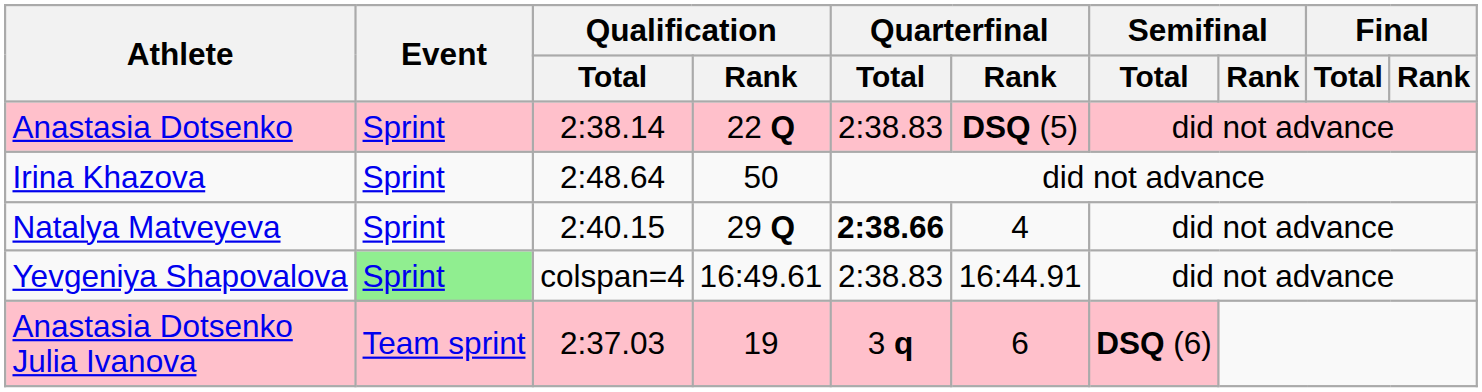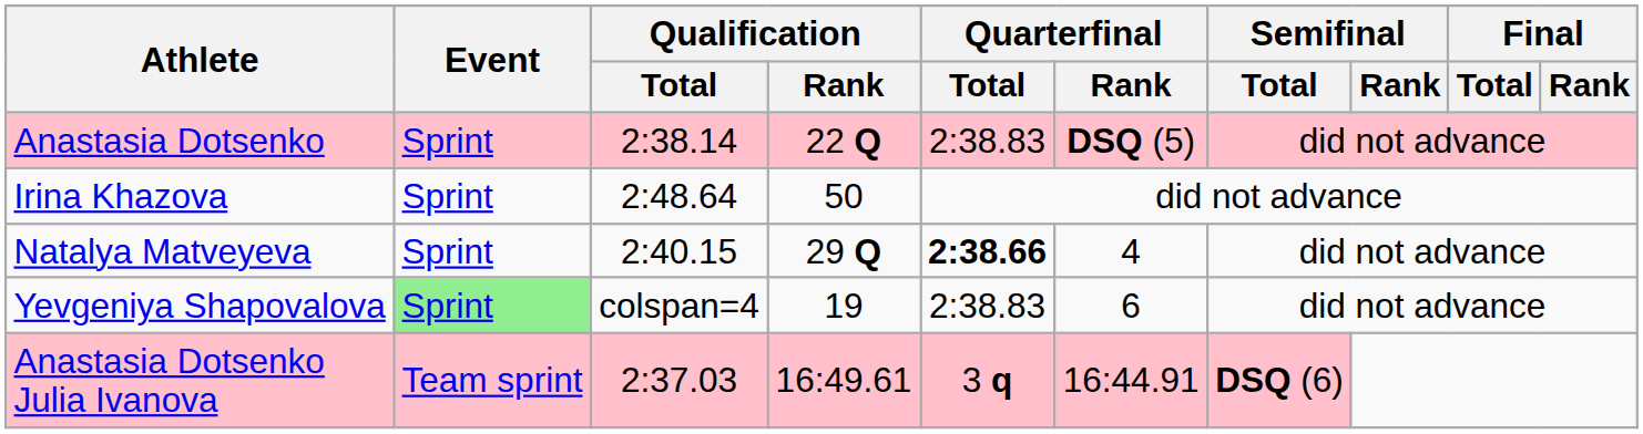 <table class="wikitable"  style="font-size:90%">
 <tr>
 <th rowspan="2">Athlete</th>
 <th rowspan="2">Event</th>
 <th colspan="2">Qualification</th>
 <th colspan="2">Quarterfinal</th>
 <th colspan="2">Semifinal</th>
 <th colspan="2">Final</th>
 </tr>
 <tr style="font-size: 95%">
 <th>Total</th>
 <th>Rank</th>
 <th>Total</th>
 <th>Rank</th>
 <th>Total</th>
 <th>Rank</th>
 <th>Total</th>
 <th>Rank</th>
 </tr>
 <tr align=center bgcolor=pink>
 <td align=left><a href='#'>Anastasia Dotsenko</a></td>
 <td align=left><a href='#'>Sprint</a></td>
 <td>2:38.14</td>
 <td>22 <strong>Q</strong></td>
 <td>2:38.83</td>
 <td><strong>DSQ</strong> (5)</td>
 <td colspan=4>did not advance</td>
 </tr>
 <tr align=center>
 <td align=left><a href='#'>Irina Khazova</a></td>
 <td align=left><a href='#'>Sprint</a></td>
 <td>2:48.64</td>
 <td>50</td>
 <td colspan=6>did not advance</td>
 </tr>
 <tr align=center>
 <td align=left><a href='#'>Natalya Matveyeva</a></td>
 <td align=left><a href='#'>Sprint</a></td>
 <td>2:40.15</td>
 <td>29 <strong>Q</strong></td>
 <td><strong>2:38.66</strong></td>
 <td>4</td>
 <td colspan=4>did not advance</td>
 </tr>
 <tr align=center>
 <td align=left><a href='#'>Yevgeniya Shapovalova</a></td>
 <td align=left style="background: lightgreen;"><a href='#'>Sprint</a></td>
 <td>colspan=4 </td>
-<td>16:49.61</td>
+<td>19</td>
 <td>2:38.83</td>
-<td>16:44.91</td>
+<td>6</td>
 <td colspan=4>did not advance</td>
 </tr>
 <tr align=center  bgcolor=pink>
 <td align=left><a href='#'>Anastasia Dotsenko</a><br><a href='#'>Julia Ivanova</a></td>
 <td align=left><a href='#'>Team sprint</a></td>
 <td>2:37.03</td>
-<td>19</td>
+<td>16:49.61</td>
 <td>3 <strong>q</strong></td>
-<td>6</td>
+<td>16:44.91</td>
 <td><strong>DSQ</strong> (6)</td>
 </tr>
 </table>
